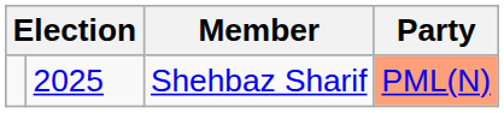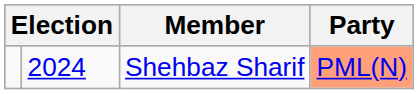 <table class="wikitable">
 <tr>
 <th colspan="2">Election</th>
 <th>Member</th>
 <th>Party</th>
 </tr>
 <tr>
 <td style="background-color: "></td>
-<td><a href='#'>2025</a></td>
+<td><a href='#'>2024</a></td>
 <td><a href='#'>Shehbaz Sharif</a></td>
 <td style="background: lightsalmon;"><a href='#'>PML(N)</a></td>
 </tr>
 </table>
